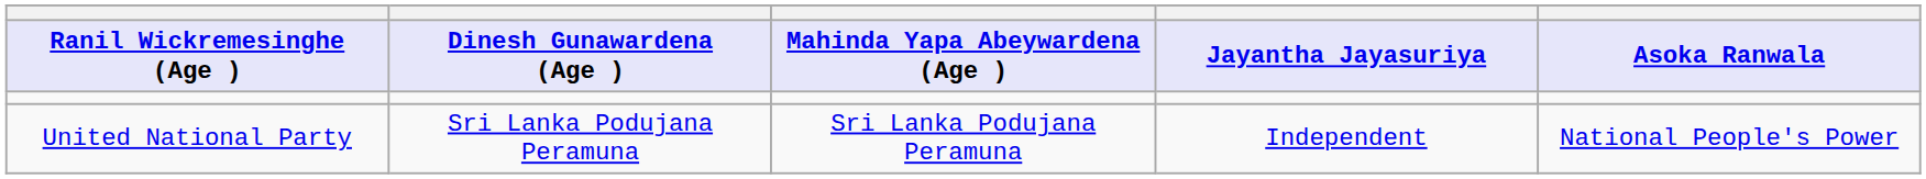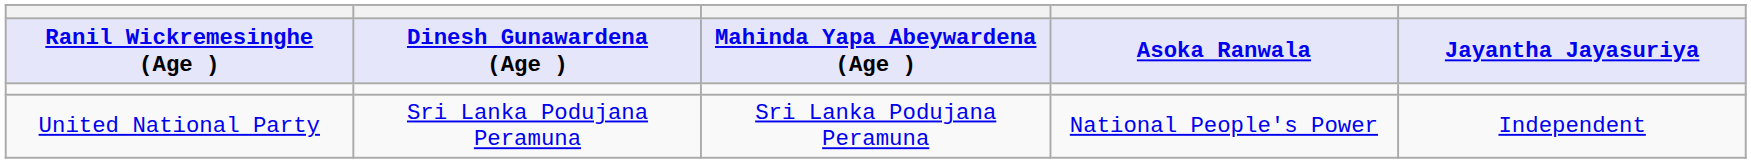 <table class=wikitable style="margin:1em auto; font-size:90%; text-align:center;">
 <tr>
 <th style="font-size:135%; width:175px; background:"><a href='#'></a></th>
 <th style="font-size:135%; width:175px; background:"><a href='#'></a></th>
 <th style="font-size:135%; width:175px; background:"><a href='#'></a></th>
 <th style="font-size:135%; width:175px; background:"><a href='#'></a></th>
 <th style="font-size:135%; width:175px; background:"><a href='#'></a></th>
 </tr>
 <tr>
 <th style="background:lavender;"><strong><a href='#'>Ranil Wickremesinghe</a></strong><br>(Age )</th>
 <th style="background:lavender;"><strong><a href='#'>Dinesh Gunawardena</a></strong><br>(Age )</th>
 <th style="background:lavender;"><strong><a href='#'>Mahinda Yapa Abeywardena</a></strong><br>(Age )</th>
+<th style="background:lavender;"><strong><a href='#'>Asoka Ranwala</a></strong><br></th>
 <th style="background:lavender;"><strong><a href='#'>Jayantha Jayasuriya</a></strong><br></th>
-<th style="background:lavender;"><strong><a href='#'>Asoka Ranwala</a></strong><br></th>
 </tr>
 <tr>
 <td></td>
 <td></td>
 <td></td>
 <td></td>
 <td></td>
 </tr>
 <tr>
 <td><a href='#'>United National Party</a><br></td>
 <td><a href='#'>Sri Lanka Podujana Peramuna</a><br></td>
 <td><a href='#'>Sri Lanka Podujana Peramuna</a><br></td>
+<td><a href='#'>National People's Power</a><br></td>
 <td><a href='#'>Independent</a><br></td>
-<td><a href='#'>National People's Power</a><br></td>
 </tr>
 </table>
